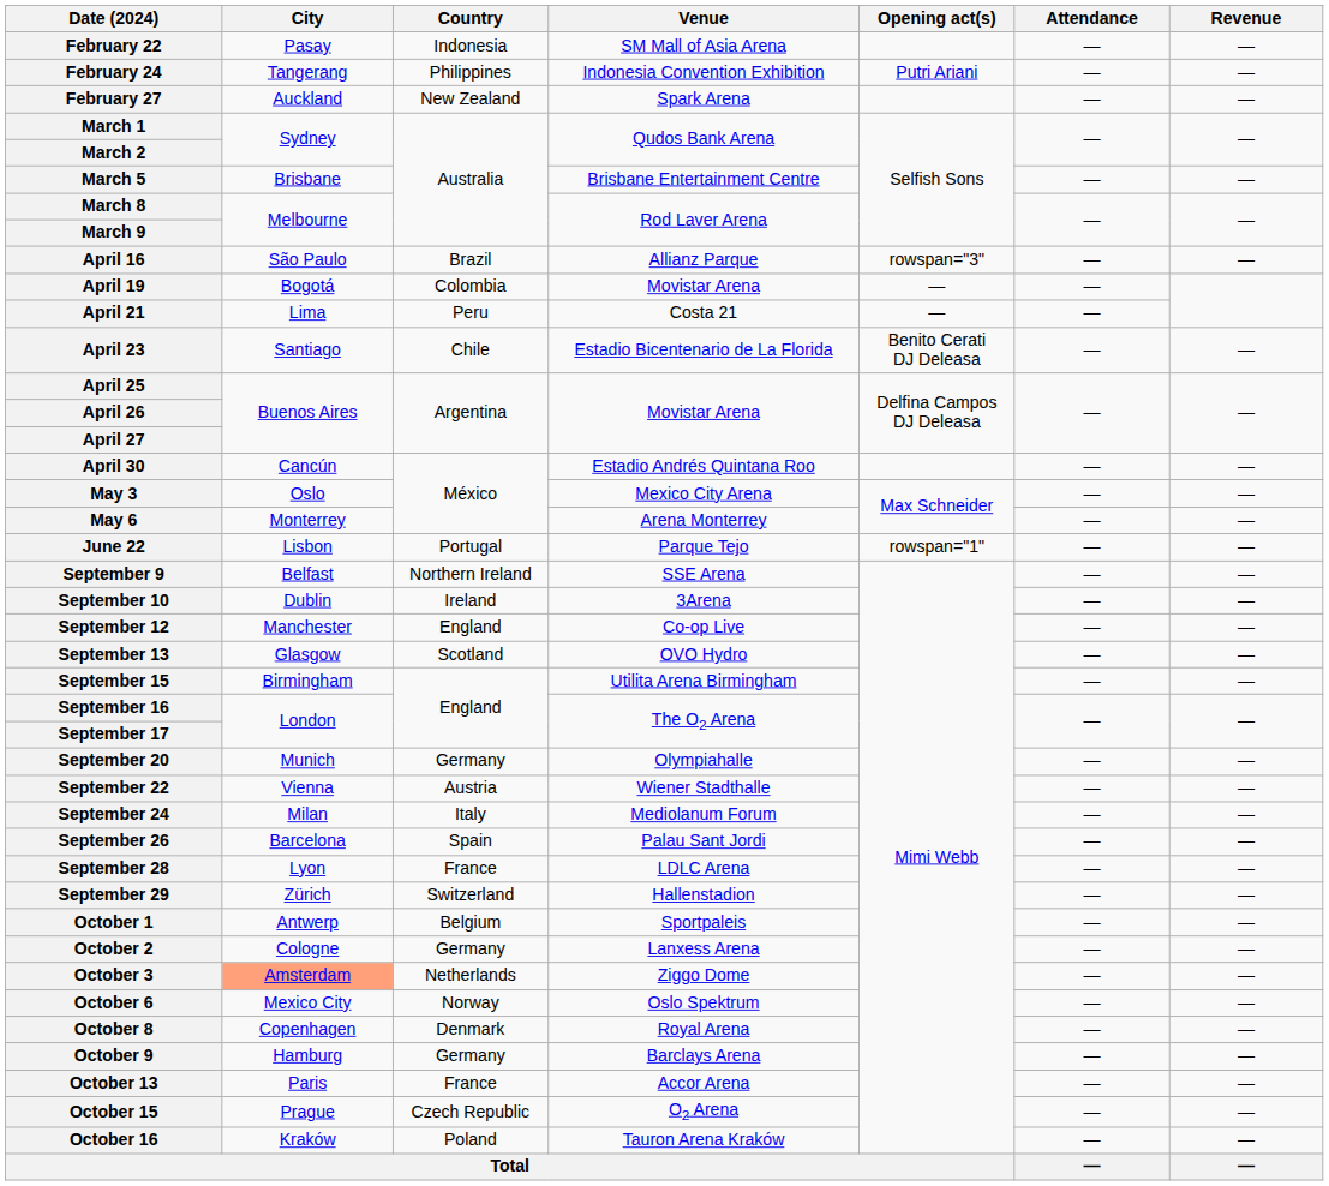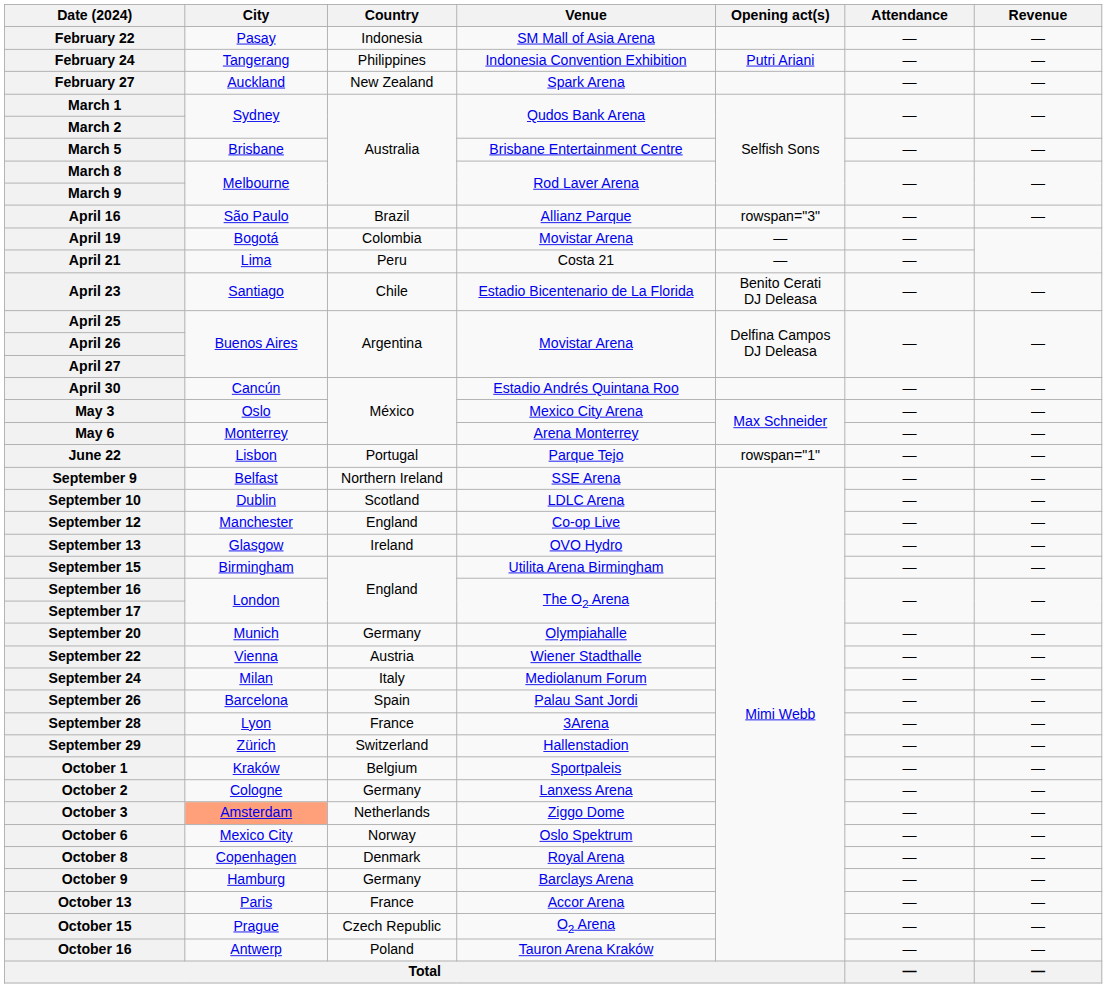 <table class="wikitable plainrowheaders" style="text-align:center;">
 <tr>
 <th scope="col" style="width:13em;">Date (2024)</th>
 <th scope="col" style="width:10em;">City</th>
 <th scope="col" style="width:09em;">Country</th>
 <th scope="col" style="width:19em;">Venue</th>
 <th scope="col" style="width:09em;">Opening act(s)</th>
 <th scope="col" style="width:09em;">Attendance</th>
 <th scope="col" style="width:09em;">Revenue</th>
 </tr>
 <tr>
 <th scope="row" style="text-align:center;">February 22</th>
 <td><a href='#'>Pasay</a></td>
 <td>Indonesia</td>
 <td><a href='#'>SM Mall of Asia Arena</a></td>
 <td></td>
 <td>—</td>
 <td>—</td>
 </tr>
 <tr>
 <th scope="row" style="text-align:center;">February 24</th>
 <td><a href='#'>Tangerang</a></td>
 <td>Philippines</td>
 <td><a href='#'>Indonesia Convention Exhibition</a></td>
 <td><a href='#'>Putri Ariani</a></td>
 <td>—</td>
 <td>—</td>
 </tr>
 <tr>
 <th scope="row" style="text-align:center;">February 27</th>
 <td><a href='#'>Auckland</a></td>
 <td>New Zealand</td>
 <td><a href='#'>Spark Arena</a></td>
 <td></td>
 <td>—</td>
 <td>—</td>
 </tr>
 <tr>
 <th scope="row" style="text-align:center;">March 1</th>
 <td rowspan="2"><a href='#'>Sydney</a></td>
 <td rowspan="5">Australia</td>
 <td rowspan="2"><a href='#'>Qudos Bank Arena</a></td>
 <td rowspan="5">Selfish Sons</td>
 <td rowspan="2">—</td>
 <td rowspan="2">—</td>
 </tr>
 <tr>
 <th scope="row" style="text-align:center;">March 2</th>
 </tr>
 <tr>
 <th scope="row" style="text-align:center;">March 5</th>
 <td><a href='#'>Brisbane</a></td>
 <td><a href='#'>Brisbane Entertainment Centre</a></td>
 <td>—</td>
 <td>—</td>
 </tr>
 <tr>
 <th scope="row" style="text-align:center;">March 8</th>
 <td rowspan="2"><a href='#'>Melbourne</a></td>
 <td rowspan="2"><a href='#'>Rod Laver Arena</a></td>
 <td rowspan="2">—</td>
 <td rowspan="2">—</td>
 </tr>
 <tr>
 <th scope="row" style="text-align:center;">March 9</th>
 </tr>
 <tr>
 <th scope="row" style="text-align:center;">April 16</th>
 <td><a href='#'>São Paulo</a></td>
 <td>Brazil</td>
 <td><a href='#'>Allianz Parque</a></td>
 <td>rowspan="3" </td>
 <td>—</td>
 <td>—</td>
 </tr>
 <tr>
 <th scope="row" style="text-align:center;">April 19</th>
 <td><a href='#'>Bogotá</a></td>
 <td>Colombia</td>
 <td><a href='#'>Movistar Arena</a></td>
 <td>—</td>
 <td>—</td>
 </tr>
 <tr>
 <th scope="row" style="text-align:center;">April 21</th>
 <td><a href='#'>Lima</a></td>
 <td>Peru</td>
 <td>Costa 21</td>
 <td>—</td>
 <td>—</td>
 </tr>
 <tr>
 <th scope="row" style="text-align:center;">April 23</th>
 <td><a href='#'>Santiago</a></td>
 <td>Chile</td>
 <td><a href='#'>Estadio Bicentenario de La Florida</a></td>
 <td>Benito Cerati<br>DJ Deleasa</td>
 <td>—</td>
 <td>—</td>
 </tr>
 <tr>
 <th scope="row" style="text-align:center;">April 25</th>
 <td rowspan="3"><a href='#'>Buenos Aires</a></td>
 <td rowspan="3">Argentina</td>
 <td rowspan="3"><a href='#'>Movistar Arena</a></td>
 <td rowspan="3">Delfina Campos<br>DJ Deleasa</td>
 <td rowspan="3">—</td>
 <td rowspan="3">—</td>
 </tr>
 <tr>
 <th scope="row" style="text-align:center;">April 26</th>
 </tr>
 <tr>
 <th scope="row" style="text-align:center;">April 27</th>
 </tr>
 <tr>
 <th scope="row" style="text-align:center;">April 30</th>
 <td><a href='#'>Cancún</a></td>
 <td rowspan="3">México</td>
 <td><a href='#'>Estadio Andrés Quintana Roo</a></td>
 <td></td>
 <td>—</td>
 <td>—</td>
 </tr>
 <tr>
 <th scope="row" style="text-align:center;">May 3</th>
 <td><a href='#'>Oslo</a></td>
 <td><a href='#'>Mexico City Arena</a></td>
 <td rowspan="2"><a href='#'>Max Schneider</a></td>
 <td>—</td>
 <td>—</td>
 </tr>
 <tr>
 <th scope="row" style="text-align:center;">May 6</th>
 <td><a href='#'>Monterrey</a></td>
 <td><a href='#'>Arena Monterrey</a></td>
 <td>—</td>
 <td>—</td>
 </tr>
 <tr>
 <th scope="row" style="text-align:center;">June 22</th>
 <td><a href='#'>Lisbon</a></td>
 <td>Portugal</td>
 <td><a href='#'>Parque Tejo</a></td>
 <td>rowspan="1" </td>
 <td>—</td>
 <td>—</td>
 </tr>
 <tr>
 <th scope="row" style="text-align:center;">September 9</th>
 <td><a href='#'>Belfast</a></td>
 <td>Northern Ireland</td>
 <td><a href='#'>SSE Arena</a></td>
 <td rowspan="22"><a href='#'>Mimi Webb</a></td>
 <td>—</td>
 <td>—</td>
 </tr>
 <tr>
 <th scope="row" style="text-align:center;">September 10</th>
 <td><a href='#'>Dublin</a></td>
-<td>Ireland</td>
-<td><a href='#'>3Arena</a></td>
+<td>Scotland</td>
+<td><a href='#'>LDLC Arena</a></td>
 <td>—</td>
 <td>—</td>
 </tr>
 <tr>
 <th scope="row" style="text-align:center;">September 12</th>
 <td><a href='#'>Manchester</a></td>
 <td>England</td>
 <td><a href='#'>Co-op Live</a></td>
 <td>—</td>
 <td>—</td>
 </tr>
 <tr>
 <th scope="row" style="text-align:center;">September 13</th>
 <td><a href='#'>Glasgow</a></td>
-<td>Scotland</td>
+<td>Ireland</td>
 <td><a href='#'>OVO Hydro</a></td>
 <td>—</td>
 <td>—</td>
 </tr>
 <tr>
 <th scope="row" style="text-align:center;">September 15</th>
 <td><a href='#'>Birmingham</a></td>
 <td rowspan="3">England</td>
 <td><a href='#'>Utilita Arena Birmingham</a></td>
 <td>—</td>
 <td>—</td>
 </tr>
 <tr>
 <th scope="row" style="text-align:center;">September 16</th>
 <td rowspan="2"><a href='#'>London</a></td>
 <td rowspan="2"><a href='#'>The O<sub>2</sub> Arena</a></td>
 <td rowspan="2">—</td>
 <td rowspan="2">—</td>
 </tr>
 <tr>
 <th scope="row" style="text-align:center;">September 17</th>
 </tr>
 <tr>
 <th scope="row" style="text-align:center;">September 20</th>
 <td><a href='#'>Munich</a></td>
 <td>Germany</td>
 <td><a href='#'>Olympiahalle</a></td>
 <td>—</td>
 <td>—</td>
 </tr>
 <tr>
 <th scope="row" style="text-align:center;">September 22</th>
 <td><a href='#'>Vienna</a></td>
 <td>Austria</td>
 <td><a href='#'>Wiener Stadthalle</a></td>
 <td>—</td>
 <td>—</td>
 </tr>
 <tr>
 <th scope="row" style="text-align:center;">September 24</th>
 <td><a href='#'>Milan</a></td>
 <td>Italy</td>
 <td><a href='#'>Mediolanum Forum</a></td>
 <td>—</td>
 <td>—</td>
 </tr>
 <tr>
 <th scope="row" style="text-align:center;">September 26</th>
 <td><a href='#'>Barcelona</a></td>
 <td>Spain</td>
 <td><a href='#'>Palau Sant Jordi</a></td>
 <td>—</td>
 <td>—</td>
 </tr>
 <tr>
 <th scope="row" style="text-align:center;">September 28</th>
 <td><a href='#'>Lyon</a></td>
 <td>France</td>
-<td><a href='#'>LDLC Arena</a></td>
+<td><a href='#'>3Arena</a></td>
 <td>—</td>
 <td>—</td>
 </tr>
 <tr>
 <th scope="row" style="text-align:center;">September 29</th>
 <td><a href='#'>Zürich</a></td>
 <td>Switzerland</td>
 <td><a href='#'>Hallenstadion</a></td>
 <td>—</td>
 <td>—</td>
 </tr>
 <tr>
 <th scope="row" style="text-align:center;">October 1</th>
-<td><a href='#'>Antwerp</a></td>
+<td><a href='#'>Kraków</a></td>
 <td>Belgium</td>
 <td><a href='#'>Sportpaleis</a></td>
 <td>—</td>
 <td>—</td>
 </tr>
 <tr>
 <th scope="row" style="text-align:center;">October 2</th>
 <td><a href='#'>Cologne</a></td>
 <td>Germany</td>
 <td><a href='#'>Lanxess Arena</a></td>
 <td>—</td>
 <td>—</td>
 </tr>
 <tr>
 <th scope="row" style="text-align:center;">October 3</th>
 <td style="background: lightsalmon;"><a href='#'>Amsterdam</a></td>
 <td>Netherlands</td>
 <td><a href='#'>Ziggo Dome</a></td>
 <td>—</td>
 <td>—</td>
 </tr>
 <tr>
 <th scope="row" style="text-align:center;">October 6</th>
 <td><a href='#'>Mexico City</a></td>
 <td>Norway</td>
 <td><a href='#'>Oslo Spektrum</a></td>
 <td>—</td>
 <td>—</td>
 </tr>
 <tr>
 <th scope="row" style="text-align:center;">October 8</th>
 <td><a href='#'>Copenhagen</a></td>
 <td>Denmark</td>
 <td><a href='#'>Royal Arena</a></td>
 <td>—</td>
 <td>—</td>
 </tr>
 <tr>
 <th scope="row" style="text-align:center;">October 9</th>
 <td><a href='#'>Hamburg</a></td>
 <td>Germany</td>
 <td><a href='#'>Barclays Arena</a></td>
 <td>—</td>
 <td>—</td>
 </tr>
 <tr>
 <th scope="row" style="text-align:center;">October 13</th>
 <td><a href='#'>Paris</a></td>
 <td>France</td>
 <td><a href='#'>Accor Arena</a></td>
 <td>—</td>
 <td>—</td>
 </tr>
 <tr>
 <th scope="row" style="text-align:center;">October 15</th>
 <td><a href='#'>Prague</a></td>
 <td>Czech Republic</td>
 <td><a href='#'>O<sub>2</sub> Arena</a></td>
 <td>—</td>
 <td>—</td>
 </tr>
 <tr>
 <th scope="row" style="text-align:center;">October 16</th>
-<td><a href='#'>Kraków</a></td>
+<td><a href='#'>Antwerp</a></td>
 <td>Poland</td>
 <td><a href='#'>Tauron Arena Kraków</a></td>
 <td>—</td>
 <td>—</td>
 </tr>
 <tr>
 <th colspan="5">Total</th>
 <th>—</th>
 <th>—</th>
 </tr>
 </table>
